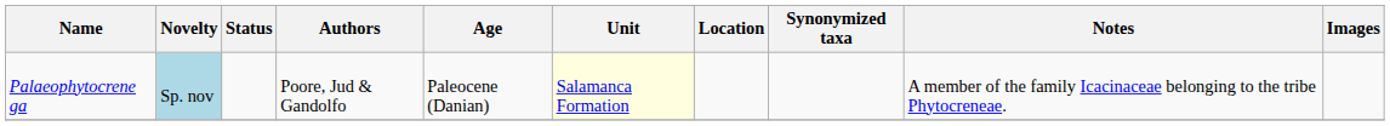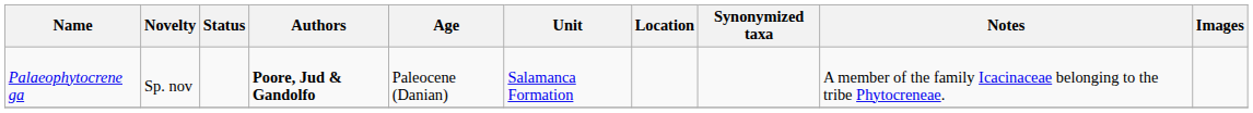 <table class="wikitable sortable" align="center" width="100%">
 <tr>
 <th>Name</th>
 <th>Novelty</th>
 <th>Status</th>
 <th>Authors</th>
 <th>Age</th>
 <th>Unit</th>
 <th>Location</th>
 <th>Synonymized taxa</th>
 <th>Notes</th>
 <th>Images</th>
 </tr>
 <tr>
 <td><br><em><a href='#'>Palaeophytocrene ga</a></em></td>
-<td style="background: lightblue;"><br>Sp. nov</td>
+<td><br>Sp. nov</td>
 <td></td>
-<td><br>Poore, Jud & Gandolfo</td>
+<td><strong><br>Poore, Jud & Gandolfo</strong></td>
 <td><br>Paleocene (Danian)</td>
-<td style="background: lightyellow;"><br><a href='#'>Salamanca Formation</a></td>
+<td><br><a href='#'>Salamanca Formation</a></td>
 <td><br></td>
 <td></td>
 <td><br>A member of the family <a href='#'>Icacinaceae</a> belonging to the tribe <a href='#'>Phytocreneae</a>.</td>
 <td></td>
 </tr>
 <tr>
 </tr>
 </table>
